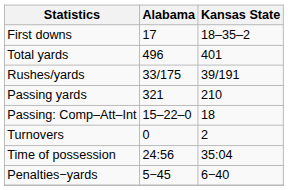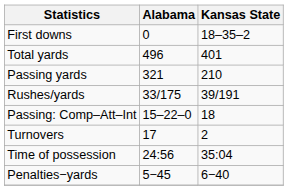 <table class="wikitable" style="float: left;">
 <tr>
 <th>Statistics</th>
 <th>Alabama</th>
 <th>Kansas State</th>
 </tr>
 <tr>
 <td>First downs</td>
-<td>17</td>
+<td>0</td>
 <td>18–35–2</td>
 </tr>
 <tr>
 <td>Total yards</td>
 <td>496</td>
 <td>401</td>
 </tr>
 <tr>
+<td>Passing yards</td>
+<td>321</td>
+<td>210</td>
+</tr>
+<tr>
 <td>Rushes/yards</td>
 <td>33/175</td>
 <td>39/191</td>
-</tr>
-<tr>
-<td>Passing yards</td>
-<td>321</td>
-<td>210</td>
 </tr>
 <tr>
 <td>Passing: Comp–Att–Int</td>
 <td>15–22–0</td>
 <td>18</td>
 </tr>
 <tr>
 <td>Turnovers</td>
-<td>0</td>
+<td>17</td>
 <td>2</td>
 </tr>
 <tr>
 <td>Time of possession</td>
 <td>24:56</td>
 <td>35:04</td>
 </tr>
 <tr>
 <td>Penalties−yards</td>
 <td>5−45</td>
 <td>6−40</td>
 </tr>
 <tr>
 </tr>
 </table>
